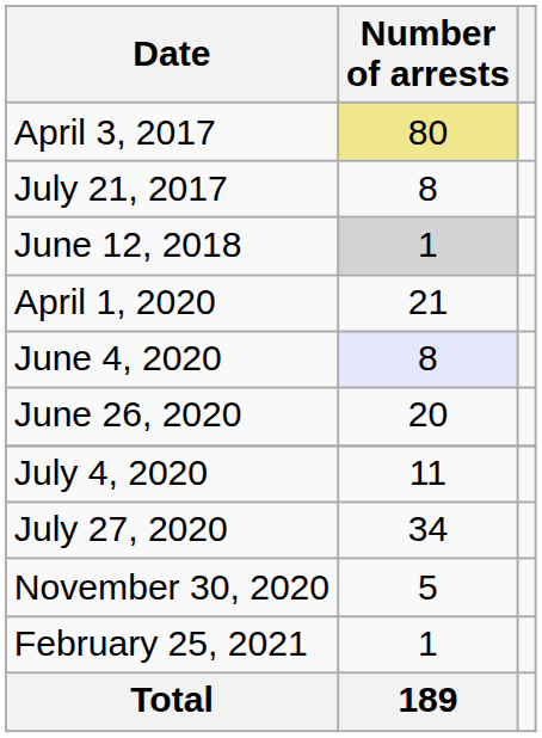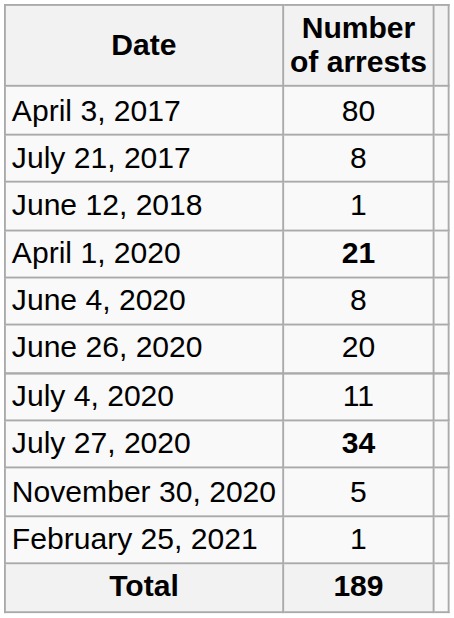 <table class="wikitable sortable plainrowheaders">
 <tr>
 <th>Date</th>
 <th>Number<br>of arrests</th>
 <th text-align:center></th>
 </tr>
 <tr>
 <td>April 3, 2017</td>
-<td style="background: khaki; text-align:center">80</td>
+<td style="text-align:center">80</td>
 <td style="text-align:center"></td>
 </tr>
 <tr>
 <td>July 21, 2017</td>
 <td style="text-align:center">8</td>
 <td style="text-align:center"></td>
 </tr>
 <tr>
 <td>June 12, 2018</td>
-<td style="background: lightgrey; text-align:center">1</td>
+<td style="text-align:center">1</td>
 <td style="text-align:center"></td>
 </tr>
 <tr>
 <td>April 1, 2020</td>
-<td style="text-align:center">21</td>
+<td style="text-align:center"><strong>21</strong></td>
 <td style="text-align:center"></td>
 </tr>
 <tr>
 <td>June 4, 2020</td>
-<td style="background: lavender; text-align:center">8</td>
+<td style="text-align:center">8</td>
 <td style="text-align:center"></td>
 </tr>
 <tr>
 <td>June 26, 2020</td>
 <td style="text-align:center">20</td>
 <td style="text-align:center"></td>
 </tr>
 <tr>
 </tr>
 <tr>
 <td>July 4, 2020</td>
 <td style="text-align:center">11</td>
 <td style="text-align:center"></td>
 </tr>
 <tr>
 <td>July 27, 2020</td>
-<td style="text-align:center">34</td>
+<td style="text-align:center"><strong>34</strong></td>
 <td style="text-align:center"></td>
 </tr>
 <tr>
 <td>November 30, 2020</td>
 <td style="text-align:center">5</td>
 <td style="text-align:center"></td>
 </tr>
 <tr>
 <td>February 25, 2021</td>
 <td style="text-align:center">1</td>
 <td style="text-align:center"></td>
 </tr>
 <tr>
 <th>Total</th>
 <th>189</th>
 </tr>
 </table>
